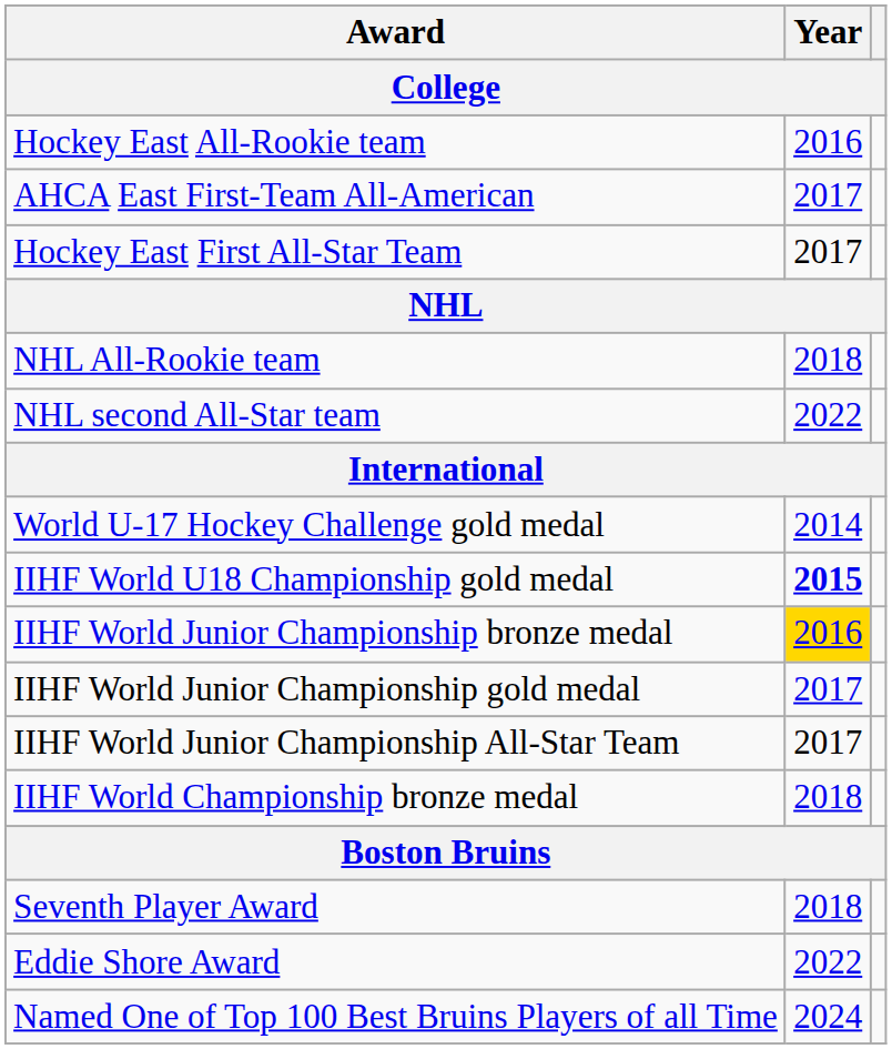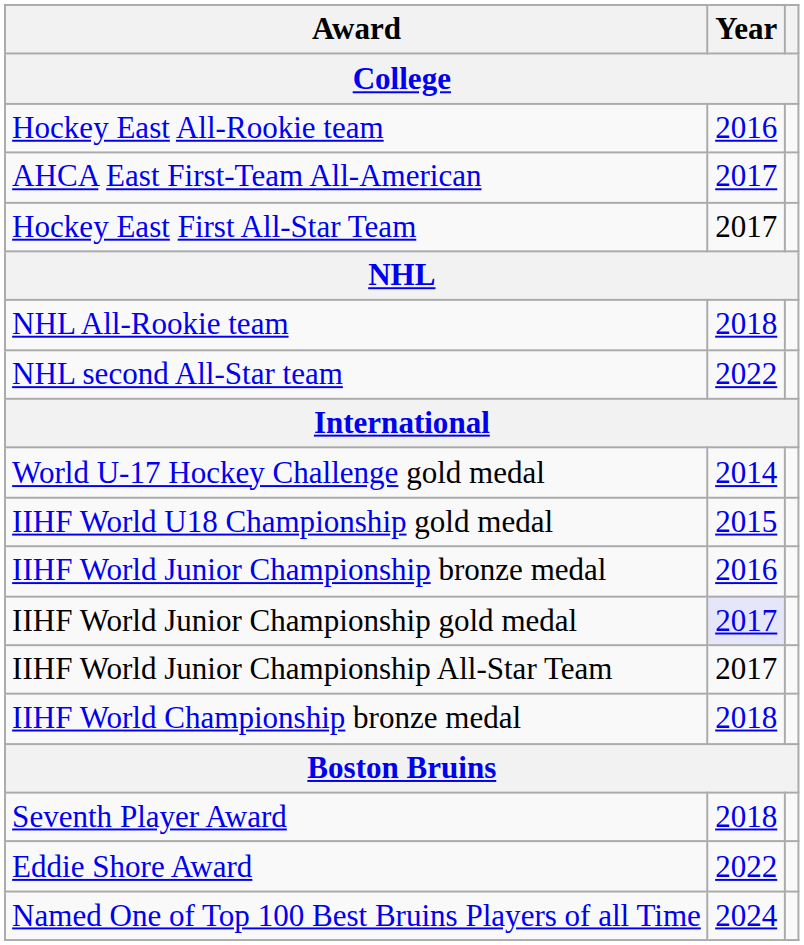 <table class="wikitable">
 <tr>
 <th>Award</th>
 <th>Year</th>
 <th></th>
 </tr>
 <tr>
 <th colspan="3"><a href='#'>College</a></th>
 </tr>
 <tr>
 <td><a href='#'>Hockey East</a> <a href='#'>All-Rookie team</a></td>
 <td><a href='#'>2016</a></td>
 <td></td>
 </tr>
 <tr>
 <td><a href='#'>AHCA</a> <a href='#'>East First-Team All-American</a></td>
 <td><a href='#'>2017</a></td>
 <td></td>
 </tr>
 <tr>
 <td><a href='#'>Hockey East</a> <a href='#'>First All-Star Team</a></td>
 <td>2017</td>
 <td></td>
 </tr>
 <tr>
 <th colspan="3"><a href='#'>NHL</a></th>
 </tr>
 <tr>
 <td><a href='#'>NHL All-Rookie team</a></td>
 <td><a href='#'>2018</a></td>
 <td></td>
 </tr>
 <tr>
 <td><a href='#'>NHL second All-Star team</a></td>
 <td><a href='#'>2022</a></td>
 <td></td>
 </tr>
 <tr>
 <th colspan="3"><a href='#'>International</a></th>
 </tr>
 <tr>
 <td><a href='#'>World U-17 Hockey Challenge</a> gold medal</td>
 <td><a href='#'>2014</a></td>
 <td></td>
 </tr>
 <tr>
 <td><a href='#'>IIHF World U18 Championship</a> gold medal</td>
-<td><strong><a href='#'>2015</a></strong></td>
+<td><a href='#'>2015</a></td>
 <td></td>
 </tr>
 <tr>
 <td><a href='#'>IIHF World Junior Championship</a> bronze medal</td>
-<td style="background: gold;"><a href='#'>2016</a></td>
+<td><a href='#'>2016</a></td>
 <td></td>
 </tr>
 <tr>
 <td>IIHF World Junior Championship gold medal</td>
-<td><a href='#'>2017</a></td>
+<td style="background: lavender;"><a href='#'>2017</a></td>
 <td></td>
 </tr>
 <tr>
 <td>IIHF World Junior Championship All-Star Team</td>
 <td>2017</td>
 <td></td>
 </tr>
 <tr>
 <td><a href='#'>IIHF World Championship</a> bronze medal</td>
 <td><a href='#'>2018</a></td>
 <td></td>
 </tr>
 <tr>
 <th colspan="3"><a href='#'>Boston Bruins</a></th>
 </tr>
 <tr>
 <td><a href='#'>Seventh Player Award</a></td>
 <td><a href='#'>2018</a></td>
 <td></td>
 </tr>
 <tr>
 <td><a href='#'>Eddie Shore Award</a></td>
 <td><a href='#'>2022</a></td>
 <td></td>
 </tr>
 <tr>
 <td><a href='#'>Named One of Top 100 Best Bruins Players of all Time</a></td>
 <td><a href='#'>2024</a></td>
 <td></td>
 </tr>
 </table>
